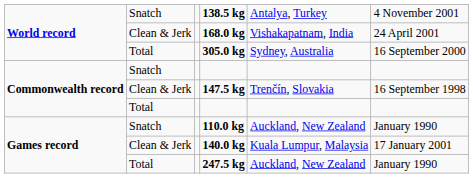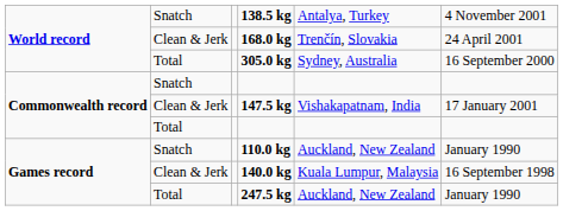 <table class="wikitable">
 <tr>
 <td rowspan=3><strong><a href='#'>World record</a></strong></td>
 <td>Snatch</td>
 <td></td>
 <td><strong>138.5 kg</strong></td>
 <td><a href='#'>Antalya</a>, <a href='#'>Turkey</a></td>
 <td>4 November 2001</td>
 </tr>
 <tr>
 <td>Clean & Jerk</td>
 <td></td>
 <td><strong>168.0 kg</strong></td>
-<td><a href='#'>Vishakapatnam</a>, <a href='#'>India</a></td>
+<td><a href='#'>Trenčín</a>, <a href='#'>Slovakia</a></td>
 <td>24 April 2001</td>
 </tr>
 <tr>
 <td>Total</td>
 <td></td>
 <td><strong>305.0 kg</strong></td>
 <td><a href='#'>Sydney</a>, <a href='#'>Australia</a></td>
 <td>16 September 2000</td>
 </tr>
 <tr>
 <td rowspan=3><strong>Commonwealth record</strong></td>
 <td>Snatch</td>
 <td></td>
 <td></td>
 <td></td>
 <td></td>
 </tr>
 <tr>
 <td>Clean & Jerk</td>
 <td></td>
 <td><strong>147.5 kg</strong></td>
-<td><a href='#'>Trenčín</a>, <a href='#'>Slovakia</a></td>
-<td>16 September 1998</td>
+<td><a href='#'>Vishakapatnam</a>, <a href='#'>India</a></td>
+<td>17 January 2001</td>
 </tr>
 <tr>
 <td>Total</td>
 <td></td>
 <td></td>
 <td></td>
 <td></td>
 </tr>
 <tr>
 <td rowspan=3><strong>Games record</strong></td>
 <td>Snatch</td>
 <td></td>
 <td><strong>110.0 kg</strong></td>
 <td><a href='#'>Auckland</a>, <a href='#'>New Zealand</a></td>
 <td>January 1990</td>
 </tr>
 <tr>
 <td>Clean & Jerk</td>
 <td></td>
 <td><strong>140.0 kg</strong></td>
 <td><a href='#'>Kuala Lumpur</a>, <a href='#'>Malaysia</a></td>
-<td>17 January 2001</td>
+<td>16 September 1998</td>
 </tr>
 <tr>
 <td>Total</td>
 <td></td>
 <td><strong>247.5 kg</strong></td>
 <td><a href='#'>Auckland</a>, <a href='#'>New Zealand</a></td>
 <td>January 1990</td>
 </tr>
 </table>
